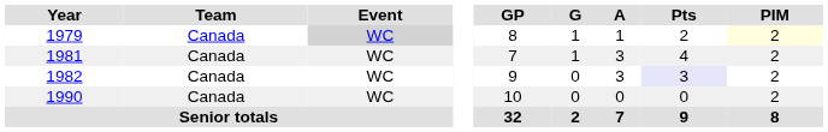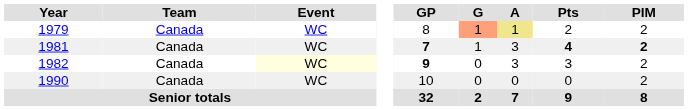 <table border="0" cellpadding="1" cellspacing="0" style="text-align:center; width:50em">
 <tr ALIGN="center" bgcolor="#e0e0e0">
 <th>Year</th>
 <th>Team</th>
 <th>Event</th>
 <th rowspan="99" bgcolor="#ffffff"> </th>
 <th>GP</th>
 <th>G</th>
 <th>A</th>
 <th>Pts</th>
 <th>PIM</th>
 </tr>
 <tr>
 <td><a href='#'>1979</a></td>
 <td><a href='#'>Canada</a></td>
-<td style="background: lightgrey;"><a href='#'>WC</a></td>
+<td><a href='#'>WC</a></td>
 <td>8</td>
-<td>1</td>
-<td>1</td>
+<td style="background: lightsalmon;">1</td>
+<td style="background: khaki;">1</td>
 <td>2</td>
-<td style="background: lightyellow;">2</td>
+<td>2</td>
 </tr>
 <tr bgcolor="#f0f0f0">
 <td><a href='#'>1981</a></td>
 <td>Canada</td>
 <td>WC</td>
-<td>7</td>
+<td><strong>7</strong></td>
 <td>1</td>
 <td>3</td>
-<td>4</td>
-<td>2</td>
+<td><strong>4</strong></td>
+<td><strong>2</strong></td>
 </tr>
 <tr>
 <td><a href='#'>1982</a></td>
 <td>Canada</td>
-<td>WC</td>
-<td>9</td>
+<td style="background: lightyellow;">WC</td>
+<td><strong>9</strong></td>
 <td>0</td>
 <td>3</td>
-<td style="background: lavender;">3</td>
+<td>3</td>
 <td>2</td>
 </tr>
 <tr bgcolor="#f0f0f0">
 <td><a href='#'>1990</a></td>
 <td>Canada</td>
 <td>WC</td>
 <td>10</td>
 <td>0</td>
 <td>0</td>
 <td>0</td>
 <td>2</td>
 </tr>
 <tr bgcolor="#e0e0e0">
 <th colspan=3>Senior totals</th>
 <th>32</th>
 <th>2</th>
 <th>7</th>
 <th>9</th>
 <th>8</th>
 </tr>
 </table>
